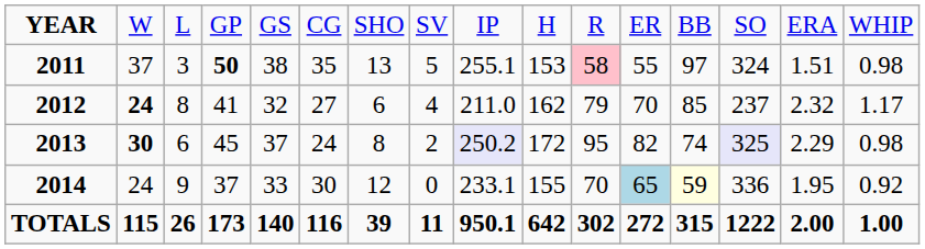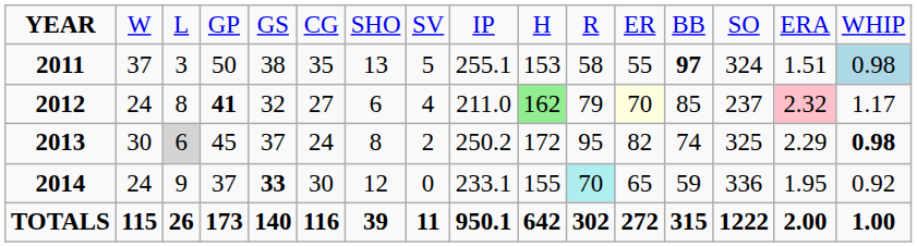 <table class="wikitable">
 <tr align=center>
 <td><strong>YEAR</strong></td>
 <td><a href='#'>W</a></td>
 <td><a href='#'>L</a></td>
 <td><a href='#'>GP</a></td>
 <td><a href='#'>GS</a></td>
 <td><a href='#'>CG</a></td>
 <td><a href='#'>SHO</a></td>
 <td><a href='#'>SV</a></td>
 <td><a href='#'>IP</a></td>
 <td><a href='#'>H</a></td>
 <td><a href='#'>R</a></td>
 <td><a href='#'>ER</a></td>
 <td><a href='#'>BB</a></td>
 <td><a href='#'>SO</a></td>
 <td><a href='#'>ERA</a></td>
 <td><a href='#'>WHIP</a></td>
 </tr>
 <tr align=center>
 <td><strong>2011</strong></td>
 <td>37</td>
 <td>3</td>
-<td><strong>50</strong></td>
+<td>50</td>
 <td>38</td>
 <td>35</td>
 <td>13</td>
 <td>5</td>
 <td>255.1</td>
 <td>153</td>
-<td style="background: pink;">58</td>
+<td>58</td>
 <td>55</td>
-<td>97</td>
+<td><strong>97</strong></td>
 <td>324</td>
 <td>1.51</td>
-<td>0.98</td>
+<td style="background: lightblue;">0.98</td>
 </tr>
 <tr align=center>
 <td><strong>2012</strong></td>
-<td><strong>24</strong></td>
+<td>24</td>
 <td>8</td>
-<td>41</td>
+<td><strong>41</strong></td>
 <td>32</td>
 <td>27</td>
 <td>6</td>
 <td>4</td>
 <td>211.0</td>
-<td>162</td>
+<td style="background: lightgreen;">162</td>
 <td>79</td>
-<td>70</td>
+<td style="background: lightyellow;">70</td>
 <td>85</td>
 <td>237</td>
-<td>2.32</td>
+<td style="background: pink;">2.32</td>
 <td>1.17</td>
 </tr>
 <tr align=center>
 <td><strong>2013</strong></td>
-<td><strong>30</strong></td>
-<td>6</td>
+<td>30</td>
+<td style="background: lightgrey;">6</td>
 <td>45</td>
 <td>37</td>
 <td>24</td>
 <td>8</td>
 <td>2</td>
-<td style="background: lavender;">250.2</td>
+<td>250.2</td>
 <td>172</td>
 <td>95</td>
 <td>82</td>
 <td>74</td>
-<td style="background: lavender;">325</td>
+<td>325</td>
 <td>2.29</td>
-<td>0.98</td>
+<td><strong>0.98</strong></td>
 </tr>
 <tr align=center>
 <td><strong>2014</strong></td>
 <td>24</td>
 <td>9</td>
 <td>37</td>
-<td>33</td>
+<td><strong>33</strong></td>
 <td>30</td>
 <td>12</td>
 <td>0</td>
 <td>233.1</td>
 <td>155</td>
-<td>70</td>
-<td style="background: lightblue;">65</td>
-<td style="background: lightyellow;">59</td>
+<td style="background: paleturquoise;">70</td>
+<td>65</td>
+<td>59</td>
 <td>336</td>
 <td>1.95</td>
 <td>0.92</td>
 </tr>
 <tr align=center>
 <td><strong>TOTALS</strong></td>
 <td><strong>115</strong></td>
 <td><strong>26</strong></td>
 <td><strong>173</strong></td>
 <td><strong>140</strong></td>
 <td><strong>116</strong></td>
 <td><strong>39</strong></td>
 <td><strong>11</strong></td>
 <td><strong>950.1</strong></td>
 <td><strong>642</strong></td>
 <td><strong>302</strong></td>
 <td><strong>272</strong></td>
 <td><strong>315</strong></td>
 <td><strong>1222</strong></td>
 <td><strong>2.00</strong></td>
 <td><strong>1.00</strong></td>
 </tr>
 </table>
